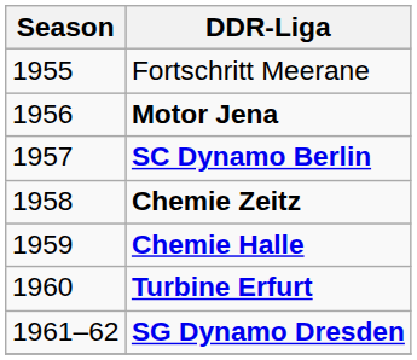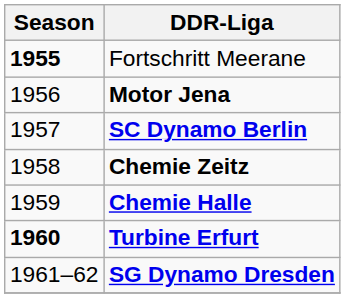 <table class="wikitable">
 <tr>
 <th>Season</th>
 <th>DDR-Liga</th>
 </tr>
 <tr>
-<td>1955</td>
+<td><strong>1955</strong></td>
 <td>Fortschritt Meerane</td>
 </tr>
 <tr>
 <td>1956</td>
 <td><strong>Motor Jena</strong></td>
 </tr>
 <tr>
 <td>1957</td>
 <td><strong><a href='#'>SC Dynamo Berlin</a></strong></td>
 </tr>
 <tr>
 <td>1958</td>
 <td><strong>Chemie Zeitz</strong></td>
 </tr>
 <tr>
 <td>1959</td>
 <td><strong><a href='#'>Chemie Halle</a></strong></td>
 </tr>
 <tr>
-<td>1960</td>
+<td><strong>1960</strong></td>
 <td><strong><a href='#'>Turbine Erfurt</a></strong></td>
 </tr>
 <tr>
 <td>1961–62</td>
 <td><strong><a href='#'>SG Dynamo Dresden</a></strong></td>
 </tr>
 <tr>
 </tr>
 </table>
